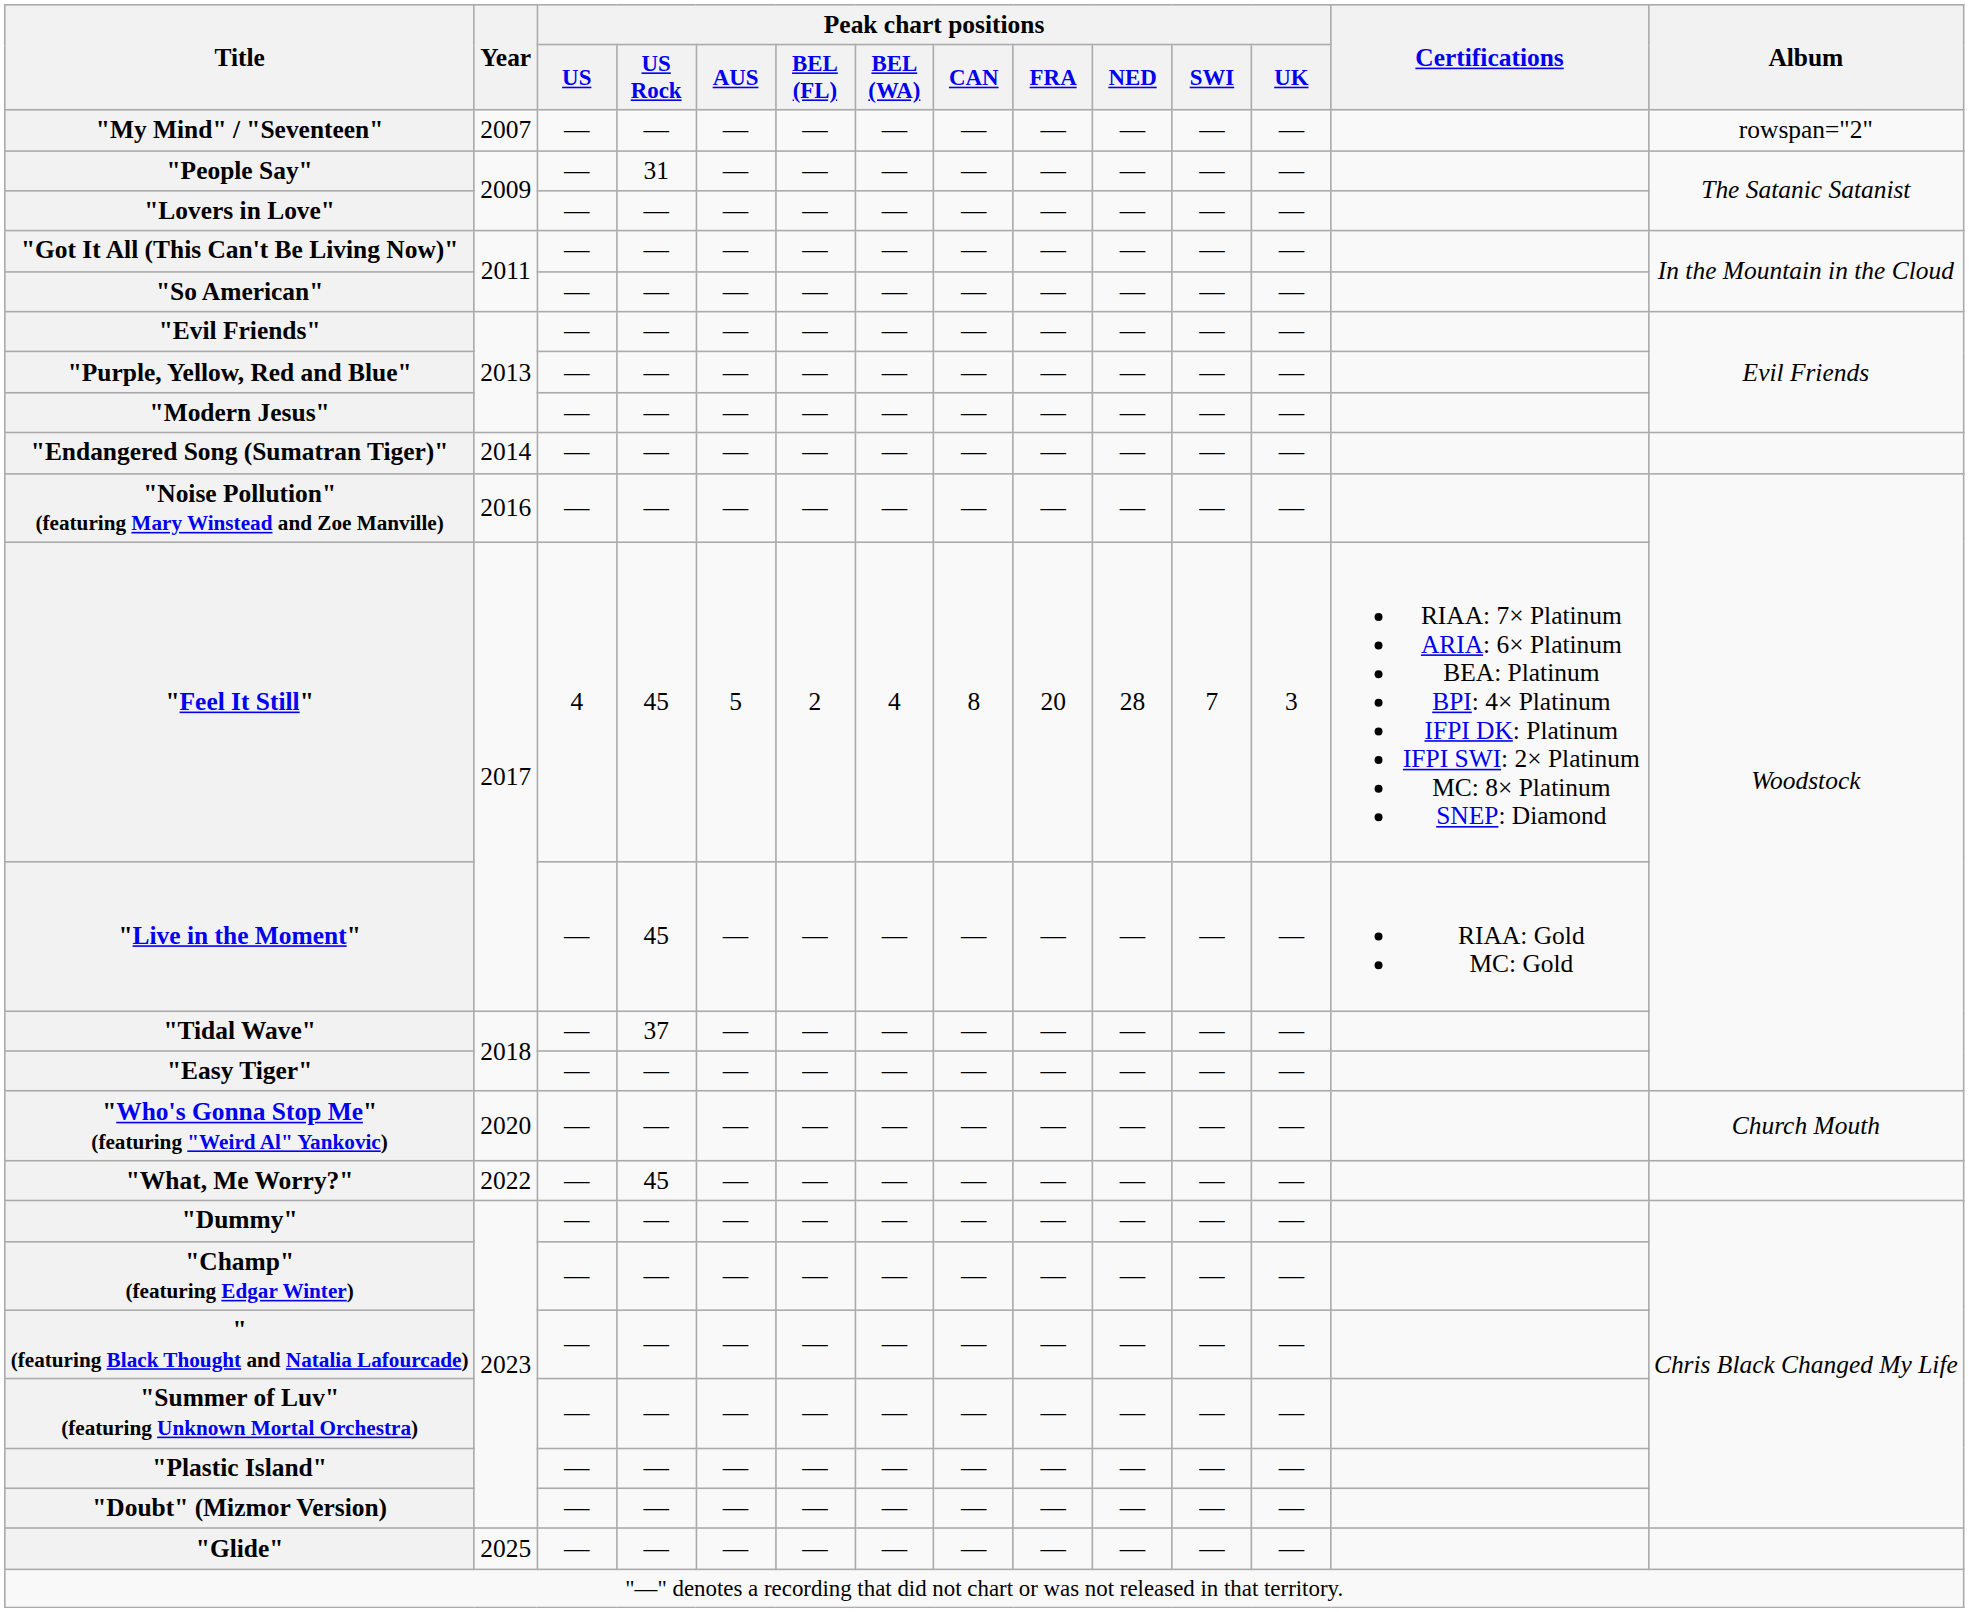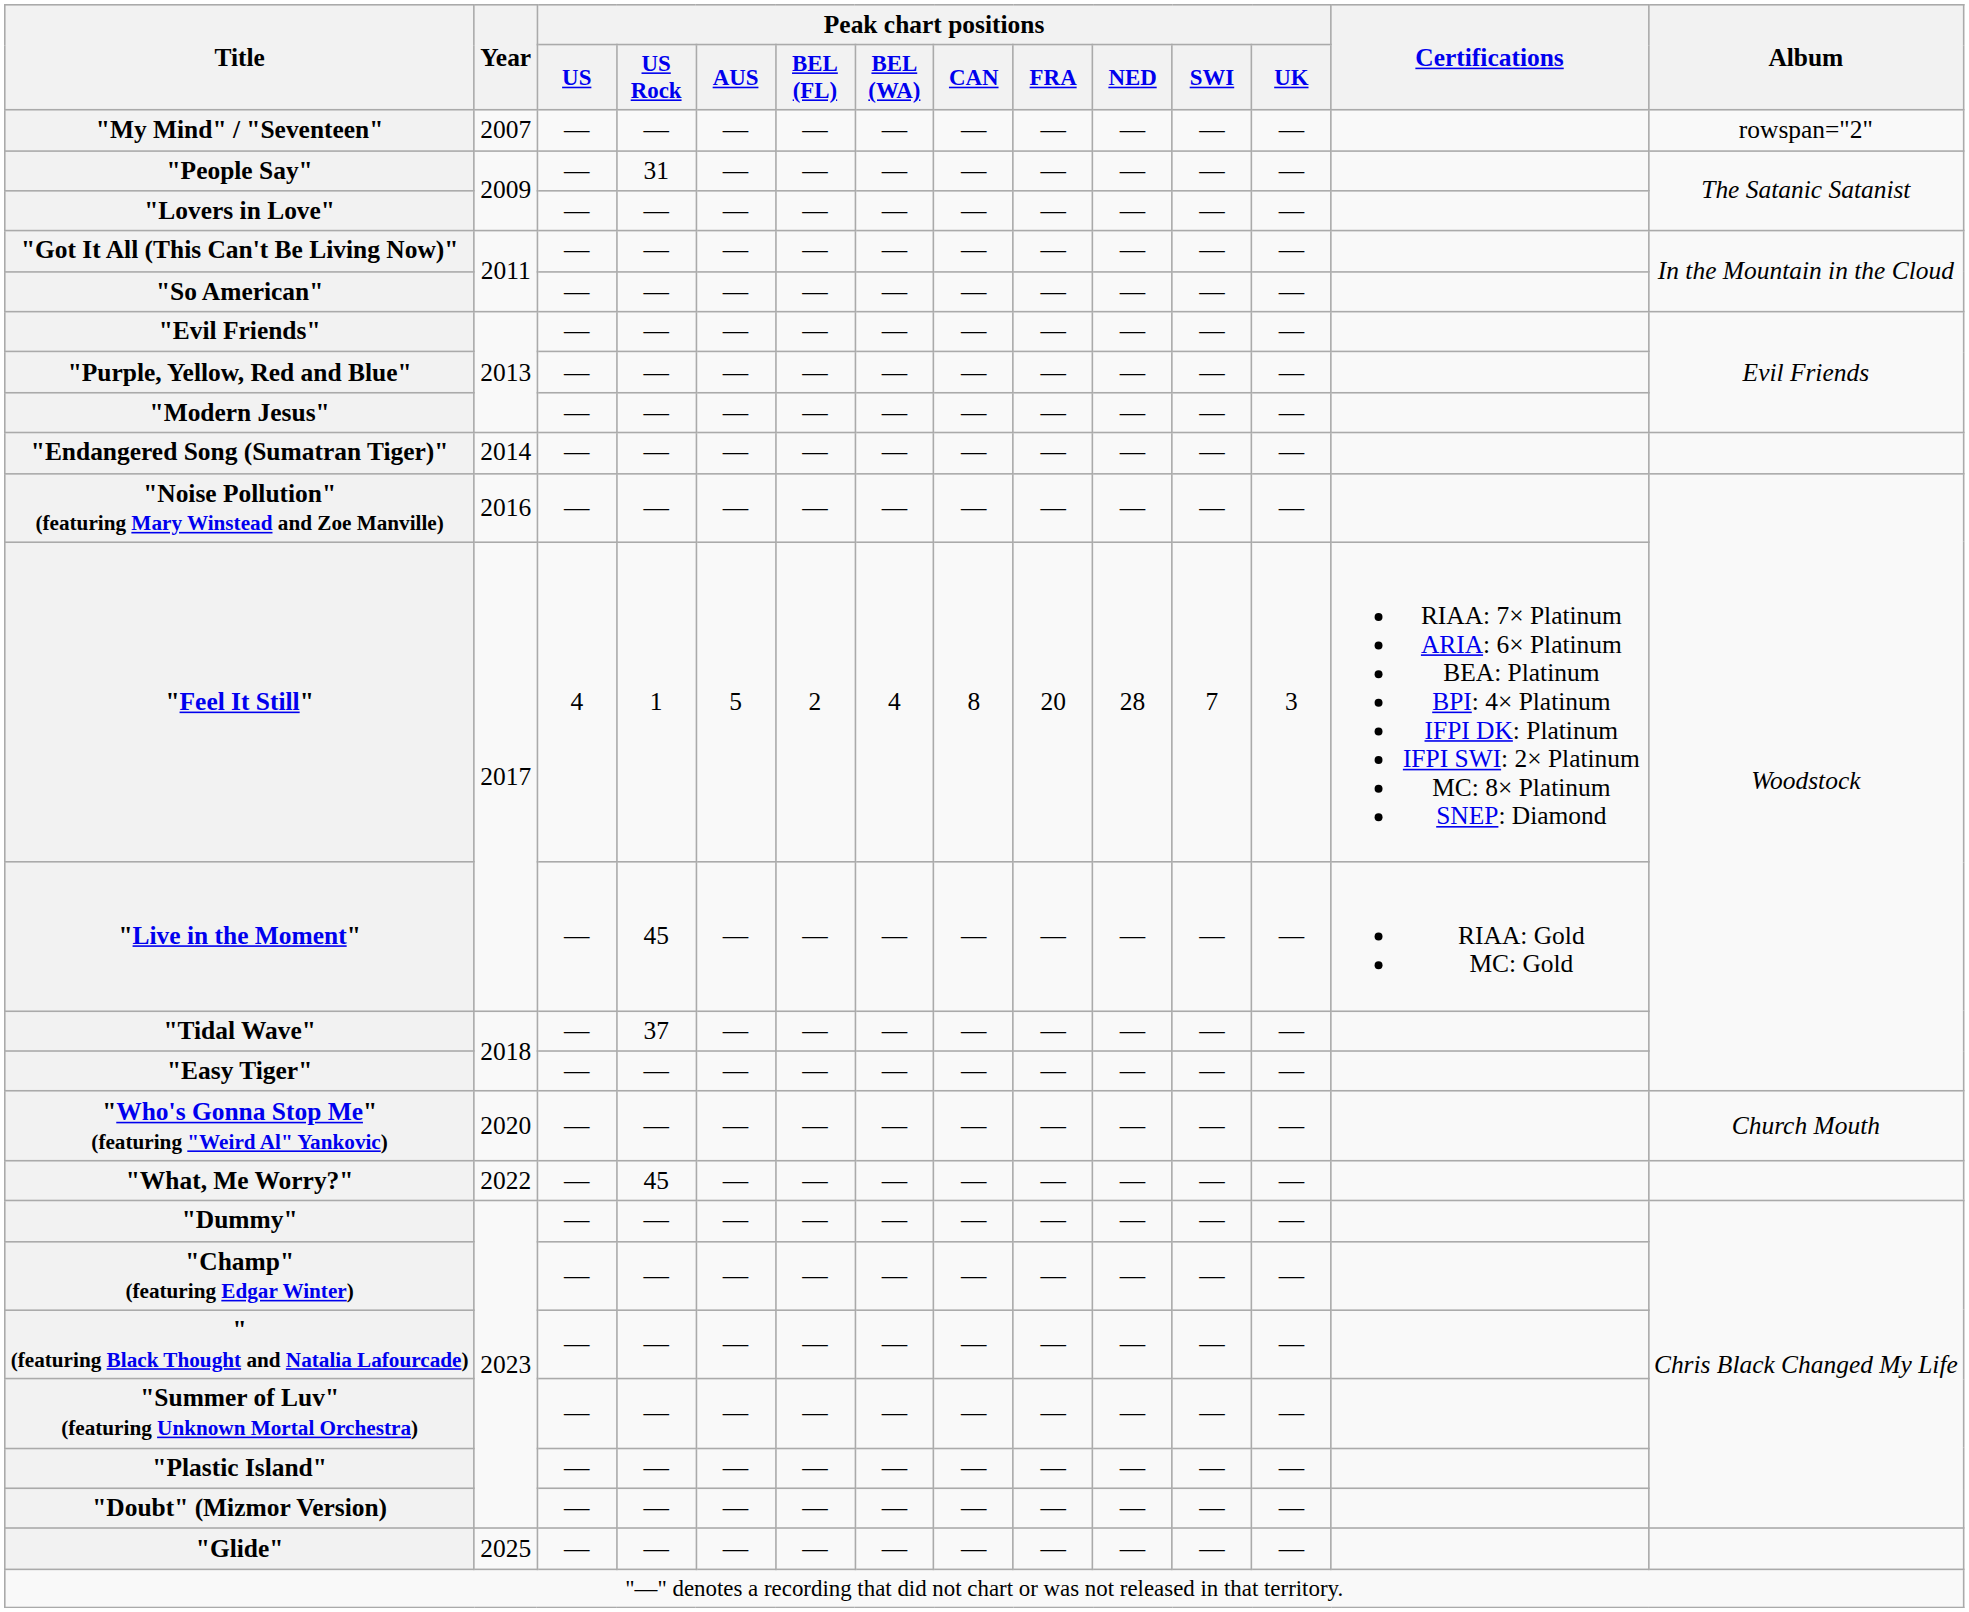 <table class="wikitable plainrowheaders" style="text-align:center;">
 <tr>
 <th scope="col" rowspan="2" style="width:18em;">Title</th>
 <th scope="col" rowspan="2">Year</th>
 <th scope="col" colspan="10">Peak chart positions</th>
 <th scope="col" rowspan="2" style="width:12em;"><a href='#'>Certifications</a></th>
 <th scope="col" rowspan="2">Album</th>
 </tr>
 <tr>
 <th scope="col" style="width:3em;font-size:90%;"><a href='#'>US</a><br></th>
 <th scope="col" style="width:3em;font-size:90%;"><a href='#'>US<br>Rock</a><br></th>
 <th scope="col" style="width:3em;font-size:90%;"><a href='#'>AUS</a><br></th>
 <th scope="col" style="width:3em;font-size:90%;"><a href='#'>BEL<br>(FL)</a><br></th>
 <th scope="col" style="width:3em;font-size:90%;"><a href='#'>BEL<br>(WA)</a><br></th>
 <th scope="col" style="width:3em;font-size:90%;"><a href='#'>CAN</a><br></th>
 <th scope="col" style="width:3em;font-size:90%;"><a href='#'>FRA</a><br></th>
 <th scope="col" style="width:3em;font-size:90%;"><a href='#'>NED</a><br></th>
 <th scope="col" style="width:3em;font-size:90%;"><a href='#'>SWI</a><br></th>
 <th scope="col" style="width:3em;font-size:90%;"><a href='#'>UK</a><br></th>
 </tr>
 <tr>
 <th scope="row">"My Mind" / "Seventeen"</th>
 <td>2007</td>
 <td>—</td>
 <td>—</td>
 <td>—</td>
 <td>—</td>
 <td>—</td>
 <td>—</td>
 <td>—</td>
 <td>—</td>
 <td>—</td>
 <td>—</td>
 <td></td>
 <td>rowspan="2" </td>
 </tr>
 <tr>
 <th scope="row">"People Say"</th>
 <td rowspan="2">2009</td>
 <td>—</td>
 <td>31</td>
 <td>—</td>
 <td>—</td>
 <td>—</td>
 <td>—</td>
 <td>—</td>
 <td>—</td>
 <td>—</td>
 <td>—</td>
 <td></td>
 <td rowspan="2"><em>The Satanic Satanist</em></td>
 </tr>
 <tr>
 <th scope="row">"Lovers in Love"</th>
 <td>—</td>
 <td>—</td>
 <td>—</td>
 <td>—</td>
 <td>—</td>
 <td>—</td>
 <td>—</td>
 <td>—</td>
 <td>—</td>
 <td>—</td>
 <td></td>
 </tr>
 <tr>
 <th scope="row">"Got It All (This Can't Be Living Now)"</th>
 <td rowspan="2">2011</td>
 <td>—</td>
 <td>—</td>
 <td>—</td>
 <td>—</td>
 <td>—</td>
 <td>—</td>
 <td>—</td>
 <td>—</td>
 <td>—</td>
 <td>—</td>
 <td></td>
 <td rowspan="2"><em>In the Mountain in the Cloud</em></td>
 </tr>
 <tr>
 <th scope="row">"So American"</th>
 <td>—</td>
 <td>—</td>
 <td>—</td>
 <td>—</td>
 <td>—</td>
 <td>—</td>
 <td>—</td>
 <td>—</td>
 <td>—</td>
 <td>—</td>
 <td></td>
 </tr>
 <tr>
 <th scope="row">"Evil Friends"</th>
 <td rowspan="3">2013</td>
 <td>—</td>
 <td>—</td>
 <td>—</td>
 <td>—</td>
 <td>—</td>
 <td>—</td>
 <td>—</td>
 <td>—</td>
 <td>—</td>
 <td>—</td>
 <td></td>
 <td rowspan="3"><em>Evil Friends</em></td>
 </tr>
 <tr>
 <th scope="row">"Purple, Yellow, Red and Blue"</th>
 <td>—</td>
 <td>—</td>
 <td>—</td>
 <td>—</td>
 <td>—</td>
 <td>—</td>
 <td>—</td>
 <td>—</td>
 <td>—</td>
 <td>—</td>
 <td></td>
 </tr>
 <tr>
 <th scope="row">"Modern Jesus"</th>
 <td>—</td>
 <td>—</td>
 <td>—</td>
 <td>—</td>
 <td>—</td>
 <td>—</td>
 <td>—</td>
 <td>—</td>
 <td>—</td>
 <td>—</td>
 <td></td>
 </tr>
 <tr>
 <th scope="row">"Endangered Song (Sumatran Tiger)"</th>
 <td>2014</td>
 <td>—</td>
 <td>—</td>
 <td>—</td>
 <td>—</td>
 <td>—</td>
 <td>—</td>
 <td>—</td>
 <td>—</td>
 <td>—</td>
 <td>—</td>
 <td></td>
 <td></td>
 </tr>
 <tr>
 <th scope="row">"Noise Pollution"<br><small>(featuring <a href='#'>Mary Winstead</a> and Zoe Manville)</small></th>
 <td>2016</td>
 <td>—</td>
 <td>—</td>
 <td>—</td>
 <td>—</td>
 <td>—</td>
 <td>—</td>
 <td>—</td>
 <td>—</td>
 <td>—</td>
 <td>—</td>
 <td></td>
 <td rowspan="5"><em>Woodstock</em></td>
 </tr>
 <tr>
 <th scope="row">"<a href='#'>Feel It Still</a>"</th>
 <td rowspan="2">2017</td>
 <td>4</td>
-<td>45</td>
+<td>1</td>
 <td>5</td>
 <td>2</td>
 <td>4</td>
 <td>8</td>
 <td>20</td>
 <td>28</td>
 <td>7</td>
 <td>3</td>
 <td><br><ul><li>RIAA: 7× Platinum</li><li><a href='#'>ARIA</a>: 6× Platinum</li><li>BEA: Platinum</li><li><a href='#'>BPI</a>: 4× Platinum</li><li><a href='#'>IFPI DK</a>: Platinum</li><li><a href='#'>IFPI SWI</a>: 2× Platinum</li><li>MC: 8× Platinum</li><li><a href='#'>SNEP</a>: Diamond</li></ul></td>
 </tr>
 <tr>
 <th scope="row">"<a href='#'>Live in the Moment</a>"</th>
 <td>—</td>
 <td>45</td>
 <td>—</td>
 <td>—</td>
 <td>—</td>
 <td>—</td>
 <td>—</td>
 <td>—</td>
 <td>—</td>
 <td>—</td>
 <td><br><ul><li>RIAA: Gold</li><li>MC: Gold</li></ul></td>
 </tr>
 <tr>
 <th scope="row">"Tidal Wave"</th>
 <td rowspan="2">2018</td>
 <td>—</td>
 <td>37</td>
 <td>—</td>
 <td>—</td>
 <td>—</td>
 <td>—</td>
 <td>—</td>
 <td>—</td>
 <td>—</td>
 <td>—</td>
 <td></td>
 </tr>
 <tr>
 <th scope="row">"Easy Tiger"</th>
 <td>—</td>
 <td>—</td>
 <td>—</td>
 <td>—</td>
 <td>—</td>
 <td>—</td>
 <td>—</td>
 <td>—</td>
 <td>—</td>
 <td>—</td>
 <td></td>
 </tr>
 <tr>
 <th scope="row">"<a href='#'>Who's Gonna Stop Me</a>"<br><small>(featuring <a href='#'>"Weird Al" Yankovic</a>)</small></th>
 <td>2020</td>
 <td>—</td>
 <td>—</td>
 <td>—</td>
 <td>—</td>
 <td>—</td>
 <td>—</td>
 <td>—</td>
 <td>—</td>
 <td>—</td>
 <td>—</td>
 <td></td>
 <td><em>Church Mouth</em></td>
 </tr>
 <tr>
 <th scope="row">"What, Me Worry?"</th>
 <td>2022</td>
 <td>—</td>
 <td>45</td>
 <td>—</td>
 <td>—</td>
 <td>—</td>
 <td>—</td>
 <td>—</td>
 <td>—</td>
 <td>—</td>
 <td>—</td>
 <td></td>
 </tr>
 <tr>
 <th scope="row">"Dummy"</th>
 <td rowspan="6">2023</td>
 <td>—</td>
 <td>—</td>
 <td>—</td>
 <td>—</td>
 <td>—</td>
 <td>—</td>
 <td>—</td>
 <td>—</td>
 <td>—</td>
 <td>—</td>
 <td></td>
 <td rowspan="6"><em>Chris Black Changed My Life</em></td>
 </tr>
 <tr>
 <th scope="row">"Champ"<br><small>(featuring <a href='#'>Edgar Winter</a>)</small></th>
 <td>—</td>
 <td>—</td>
 <td>—</td>
 <td>—</td>
 <td>—</td>
 <td>—</td>
 <td>—</td>
 <td>—</td>
 <td>—</td>
 <td>—</td>
 <td></td>
 </tr>
 <tr>
 <th scope="row">"<br><small>(featuring <a href='#'>Black Thought</a> and <a href='#'>Natalia Lafourcade</a>)</small></th>
 <td>—</td>
 <td>—</td>
 <td>—</td>
 <td>—</td>
 <td>—</td>
 <td>—</td>
 <td>—</td>
 <td>—</td>
 <td>—</td>
 <td>—</td>
 <td></td>
 </tr>
 <tr>
 <th scope="row">"Summer of Luv"<br><small>(featuring <a href='#'>Unknown Mortal Orchestra</a>)</small></th>
 <td>—</td>
 <td>—</td>
 <td>—</td>
 <td>—</td>
 <td>—</td>
 <td>—</td>
 <td>—</td>
 <td>—</td>
 <td>—</td>
 <td>—</td>
 <td></td>
 </tr>
 <tr>
 <th scope="row">"Plastic Island"</th>
 <td>—</td>
 <td>—</td>
 <td>—</td>
 <td>—</td>
 <td>—</td>
 <td>—</td>
 <td>—</td>
 <td>—</td>
 <td>—</td>
 <td>—</td>
 <td></td>
 </tr>
 <tr>
 <th scope="row">"Doubt" (Mizmor Version)</th>
 <td>—</td>
 <td>—</td>
 <td>—</td>
 <td>—</td>
 <td>—</td>
 <td>—</td>
 <td>—</td>
 <td>—</td>
 <td>—</td>
 <td>—</td>
 <td></td>
 </tr>
 <tr>
 <th scope="row">"Glide"<br></th>
 <td>2025</td>
 <td>—</td>
 <td>—</td>
 <td>—</td>
 <td>—</td>
 <td>—</td>
 <td>—</td>
 <td>—</td>
 <td>—</td>
 <td>—</td>
 <td>—</td>
 <td></td>
 <td></td>
 </tr>
 <tr>
 <td colspan="15" style="font-size:90%">"—" denotes a recording that did not chart or was not released in that territory.</td>
 </tr>
 </table>
